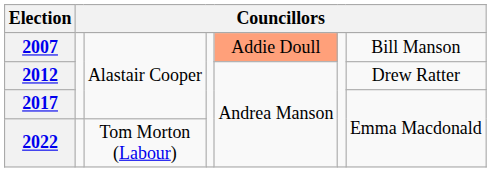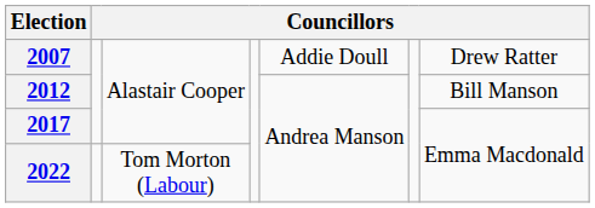 <table class="wikitable" style="text-align:center">
 <tr>
 <th>Election</th>
 <th colspan=8>Councillors</th>
 </tr>
 <tr>
 <th><a href='#'>2007</a></th>
 <td rowspan=3; style="background-color: "></td>
 <td rowspan=3>Alastair Cooper</td>
 <td rowspan=4; style="background-color: "></td>
-<td rowspan=1 style="background: lightsalmon;">Addie Doull</td>
+<td rowspan=1>Addie Doull</td>
 <td rowspan=4; style="background-color: "></td>
-<td rowspan=1>Bill Manson</td>
+<td rowspan=1>Drew Ratter</td>
 </tr>
 <tr>
 <th><a href='#'>2012</a></th>
 <td rowspan=3>Andrea Manson</td>
-<td rowspan=1>Drew Ratter</td>
+<td rowspan=1>Bill Manson</td>
 </tr>
 <tr>
 <th><a href='#'>2017</a></th>
 <td rowspan=2>Emma Macdonald</td>
 </tr>
 <tr>
 <th><a href='#'>2022</a></th>
 <td rowspan=1; style="background-color: "></td>
 <td rowspan=1>Tom Morton<br>(<a href='#'>Labour</a>)</td>
 </tr>
 </table>
